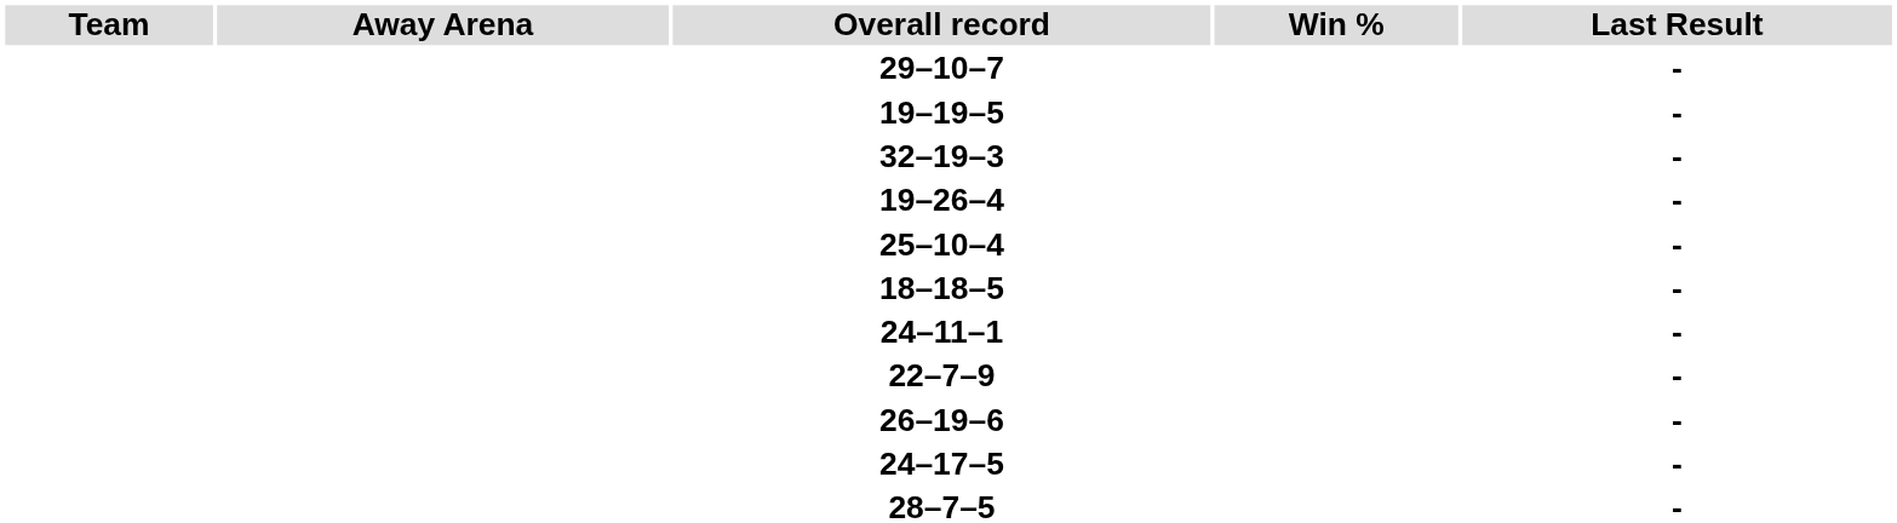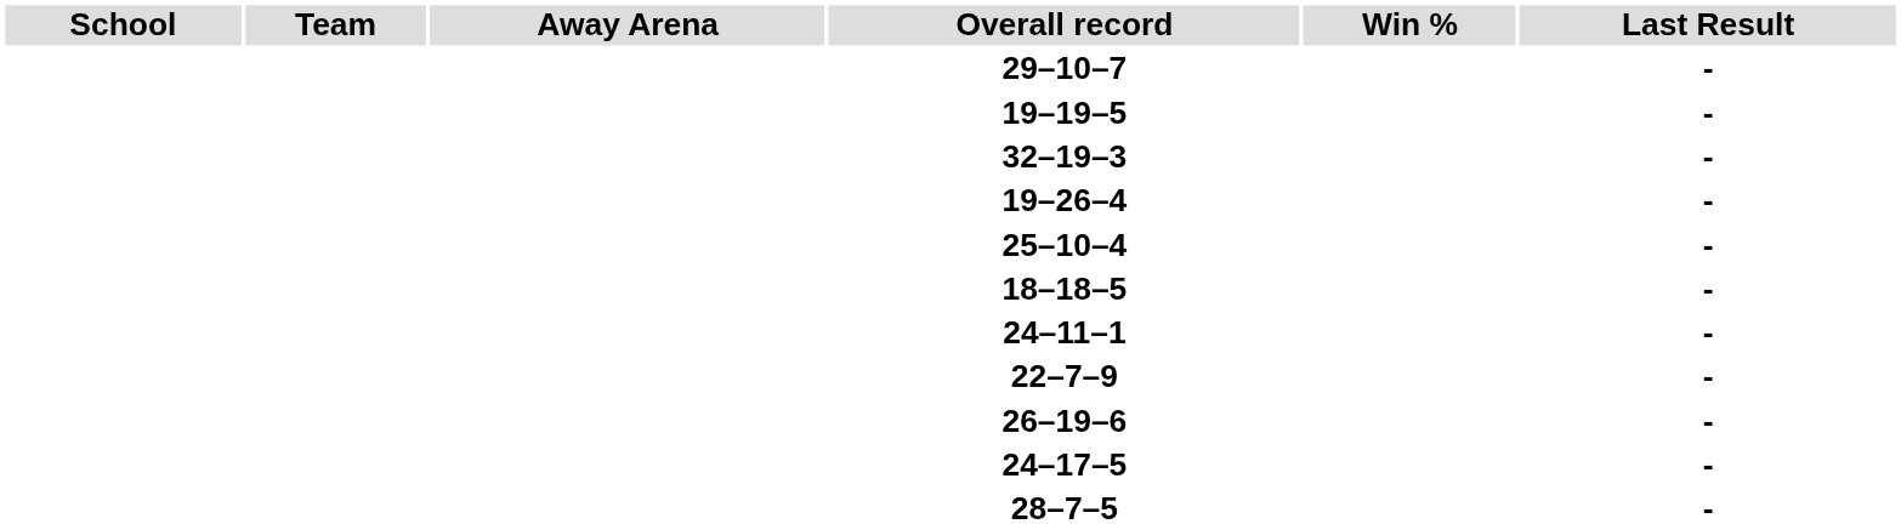 <table width="75%">
 <tr align="center"  bgcolor="#dddddd">
+<th>School</th>
 <th>Team</th>
 <th>Away Arena</th>
 <th>Overall record</th>
 <th>Win %</th>
 <th>Last Result</th>
 </tr>
 <tr align="center">
 <td><strong><a href='#'></a></strong></td>
+<td><strong><a href='#'></a></strong></td>
 <td><strong><a href='#'></a> </strong></td>
 <td><strong>29–10–7</strong></td>
 <td><strong></strong></td>
 <td><strong>-</strong></td>
 </tr>
 <tr align="center">
+<td><strong><a href='#'></a></strong></td>
 <td><strong><a href='#'></a></strong></td>
 <td><strong><a href='#'></a> </strong></td>
 <td><strong>19–19–5</strong></td>
 <td><strong></strong></td>
 <td><strong>-</strong></td>
 </tr>
 <tr align="center">
 <td><strong><a href='#'></a></strong></td>
+<td><strong><a href='#'></a></strong></td>
 <td><strong><a href='#'></a> </strong></td>
 <td><strong>32–19–3</strong></td>
 <td><strong></strong></td>
 <td><strong>-</strong></td>
 </tr>
 <tr align="center">
+<td><strong><a href='#'></a></strong></td>
 <td><strong><a href='#'></a></strong></td>
 <td><strong><a href='#'></a> </strong></td>
 <td><strong>19–26–4</strong></td>
 <td><strong></strong></td>
 <td><strong>-</strong></td>
 </tr>
 <tr align="center">
 <td><strong><a href='#'></a></strong></td>
 <td><strong><a href='#'></a></strong></td>
+<td><strong><a href='#'></a></strong></td>
 <td><strong>25–10–4</strong></td>
 <td><strong></strong></td>
 <td><strong>-</strong></td>
 </tr>
 <tr align="center">
+<td><strong><a href='#'></a></strong></td>
 <td><strong><a href='#'></a></strong></td>
 <td><strong><a href='#'></a></strong></td>
 <td><strong>18–18–5</strong></td>
 <td><strong></strong></td>
 <td><strong>-</strong></td>
 </tr>
 <tr align="center">
 <td><strong><a href='#'></a></strong></td>
 <td><strong><a href='#'></a></strong></td>
+<td><strong><a href='#'></a></strong></td>
 <td><strong>24–11–1</strong></td>
 <td><strong></strong></td>
 <td><strong>-</strong></td>
 </tr>
 <tr align="center">
+<td><strong><a href='#'></a></strong></td>
 <td><strong><a href='#'></a></strong></td>
 <td><strong><a href='#'></a></strong></td>
 <td><strong>22–7–9</strong></td>
 <td><strong></strong></td>
 <td><strong>-</strong></td>
 </tr>
 <tr align="center">
 <td><strong><a href='#'></a></strong></td>
 <td><strong><a href='#'></a></strong></td>
+<td><strong><a href='#'></a></strong></td>
 <td><strong>26–19–6</strong></td>
 <td><strong></strong></td>
 <td><strong>-</strong></td>
 </tr>
 <tr align="center">
+<td><strong><a href='#'></a></strong></td>
 <td><strong><a href='#'></a></strong></td>
 <td><strong><a href='#'></a></strong></td>
 <td><strong>24–17–5</strong></td>
 <td><strong></strong></td>
 <td><strong>-</strong></td>
 </tr>
 <tr align="center">
 <td><strong><a href='#'></a></strong></td>
 <td><strong><a href='#'></a></strong></td>
+<td><strong><a href='#'></a></strong></td>
 <td><strong>28–7–5</strong></td>
 <td><strong></strong></td>
 <td><strong>-</strong></td>
 </tr>
 </table>
